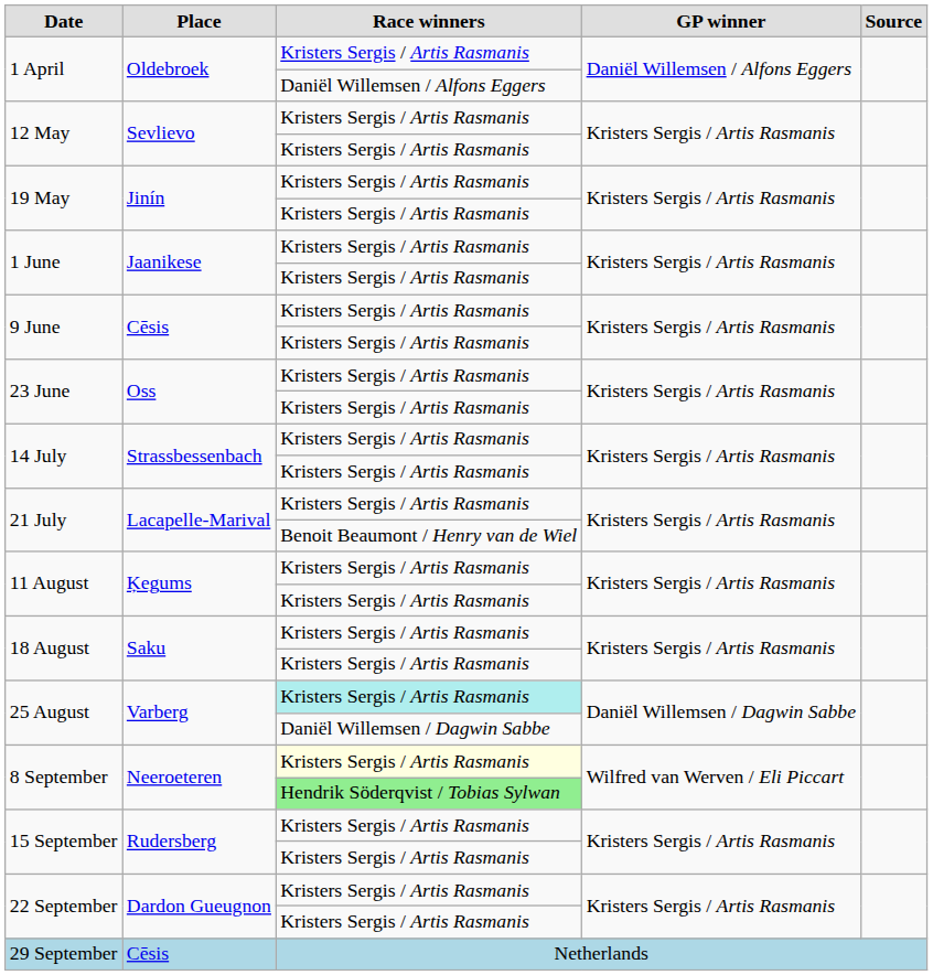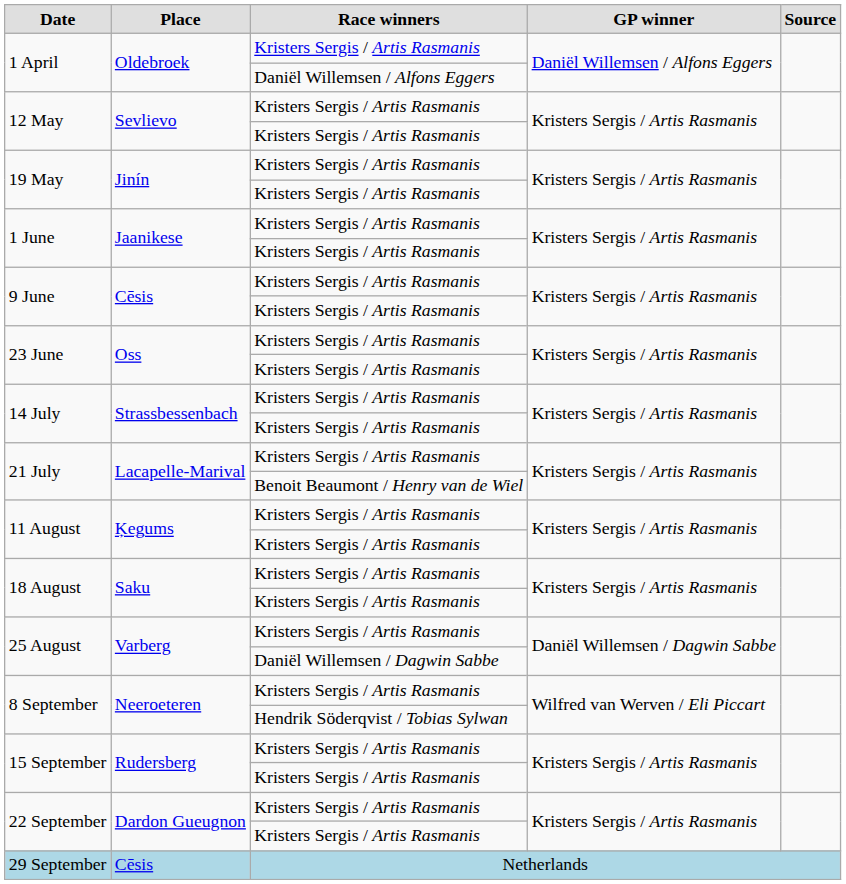 <table class="wikitable" style="font-size: 85%;">
 <tr align="center" style="background:#dfdfdf;">
 <td><strong>Date</strong></td>
 <td><strong>Place</strong></td>
 <td><strong>Race winners</strong></td>
 <td><strong>GP winner</strong></td>
 <td><strong>Source</strong></td>
 </tr>
 <tr>
 <td rowspan=2>1 April</td>
 <td rowspan=2> <a href='#'>Oldebroek</a></td>
 <td> <a href='#'>Kristers Sergis</a> / <em><a href='#'>Artis Rasmanis</a></em></td>
 <td rowspan=2> <a href='#'>Daniël Willemsen</a> / <em>Alfons Eggers</em></td>
 <td rowspan=2></td>
 </tr>
 <tr>
 <td> Daniël Willemsen / <em>Alfons Eggers</em></td>
 </tr>
 <tr>
 <td rowspan=2>12 May</td>
 <td rowspan=2> <a href='#'>Sevlievo</a></td>
 <td> Kristers Sergis / <em>Artis Rasmanis</em></td>
 <td rowspan=2> Kristers Sergis / <em>Artis Rasmanis</em></td>
 <td rowspan=2></td>
 </tr>
 <tr>
 <td> Kristers Sergis / <em>Artis Rasmanis</em></td>
 </tr>
 <tr>
 <td rowspan=2>19 May</td>
 <td rowspan=2> <a href='#'>Jinín</a></td>
 <td> Kristers Sergis / <em>Artis Rasmanis</em></td>
 <td rowspan=2> Kristers Sergis / <em>Artis Rasmanis</em></td>
 <td rowspan=2></td>
 </tr>
 <tr>
 <td> Kristers Sergis / <em>Artis Rasmanis</em></td>
 </tr>
 <tr>
 <td rowspan=2>1 June</td>
 <td rowspan=2> <a href='#'>Jaanikese</a></td>
 <td> Kristers Sergis / <em>Artis Rasmanis</em></td>
 <td rowspan=2> Kristers Sergis / <em>Artis Rasmanis</em></td>
 <td rowspan=2></td>
 </tr>
 <tr>
 <td> Kristers Sergis / <em>Artis Rasmanis</em></td>
 </tr>
 <tr>
 <td rowspan=2>9 June</td>
 <td rowspan=2> <a href='#'>Cēsis</a></td>
 <td> Kristers Sergis / <em>Artis Rasmanis</em></td>
 <td rowspan=2> Kristers Sergis / <em>Artis Rasmanis</em></td>
 <td rowspan=2></td>
 </tr>
 <tr>
 <td> Kristers Sergis / <em>Artis Rasmanis</em></td>
 </tr>
 <tr>
 <td rowspan=2>23 June</td>
 <td rowspan=2> <a href='#'>Oss</a></td>
 <td> Kristers Sergis / <em>Artis Rasmanis</em></td>
 <td rowspan=2> Kristers Sergis / <em>Artis Rasmanis</em></td>
 <td rowspan=2></td>
 </tr>
 <tr>
 <td> Kristers Sergis / <em>Artis Rasmanis</em></td>
 </tr>
 <tr>
 <td rowspan=2>14 July</td>
 <td rowspan=2> <a href='#'>Strassbessenbach</a></td>
 <td> Kristers Sergis / <em>Artis Rasmanis</em></td>
 <td rowspan=2> Kristers Sergis / <em>Artis Rasmanis</em></td>
 <td rowspan=2></td>
 </tr>
 <tr>
 <td> Kristers Sergis / <em>Artis Rasmanis</em></td>
 </tr>
 <tr>
 <td rowspan=2>21 July</td>
 <td rowspan=2> <a href='#'>Lacapelle-Marival</a></td>
 <td> Kristers Sergis / <em>Artis Rasmanis</em></td>
 <td rowspan=2> Kristers Sergis / <em>Artis Rasmanis</em></td>
 <td rowspan=2></td>
 </tr>
 <tr>
 <td> Benoit Beaumont / <em>Henry van de Wiel</em></td>
 </tr>
 <tr>
 <td rowspan=2>11 August</td>
 <td rowspan=2> <a href='#'>Ķegums</a></td>
 <td> Kristers Sergis / <em>Artis Rasmanis</em></td>
 <td rowspan=2> Kristers Sergis / <em>Artis Rasmanis</em></td>
 <td rowspan=2></td>
 </tr>
 <tr>
 <td> Kristers Sergis / <em>Artis Rasmanis</em></td>
 </tr>
 <tr>
 <td rowspan=2>18 August</td>
 <td rowspan=2> <a href='#'>Saku</a></td>
 <td> Kristers Sergis / <em>Artis Rasmanis</em></td>
 <td rowspan=2> Kristers Sergis / <em>Artis Rasmanis</em></td>
 <td rowspan=2></td>
 </tr>
 <tr>
 <td> Kristers Sergis / <em>Artis Rasmanis</em></td>
 </tr>
 <tr>
 <td rowspan=2>25 August</td>
 <td rowspan=2> <a href='#'>Varberg</a></td>
-<td style="background: paleturquoise;"> Kristers Sergis / <em>Artis Rasmanis</em></td>
+<td> Kristers Sergis / <em>Artis Rasmanis</em></td>
 <td rowspan=2> Daniël Willemsen / <em>Dagwin Sabbe</em></td>
 <td rowspan=2></td>
 </tr>
 <tr>
 <td> Daniël Willemsen / <em>Dagwin Sabbe</em></td>
 </tr>
 <tr>
 <td rowspan=2>8 September</td>
 <td rowspan=2> <a href='#'>Neeroeteren</a></td>
-<td style="background: lightyellow;"> Kristers Sergis / <em>Artis Rasmanis</em></td>
+<td> Kristers Sergis / <em>Artis Rasmanis</em></td>
 <td rowspan=2> Wilfred van Werven / <em>Eli Piccart</em></td>
 <td rowspan=2></td>
 </tr>
 <tr>
-<td style="background: lightgreen;"> Hendrik Söderqvist / <em>Tobias Sylwan</em></td>
+<td> Hendrik Söderqvist / <em>Tobias Sylwan</em></td>
 </tr>
 <tr>
 <td rowspan=2>15 September</td>
 <td rowspan=2> <a href='#'>Rudersberg</a></td>
 <td> Kristers Sergis / <em>Artis Rasmanis</em></td>
 <td rowspan=2> Kristers Sergis / <em>Artis Rasmanis</em></td>
 <td rowspan=2></td>
 </tr>
 <tr>
 <td> Kristers Sergis / <em>Artis Rasmanis</em></td>
 </tr>
 <tr>
 <td rowspan=2>22 September</td>
 <td rowspan=2> <a href='#'>Dardon Gueugnon</a></td>
 <td> Kristers Sergis / <em>Artis Rasmanis</em></td>
 <td rowspan=2> Kristers Sergis / <em>Artis Rasmanis</em></td>
 <td rowspan=2></td>
 </tr>
 <tr>
 <td> Kristers Sergis / <em>Artis Rasmanis</em></td>
 </tr>
 <tr style="background:lightblue;">
 <td rowspan=2>29 September</td>
 <td rowspan=2> <a href='#'>Cēsis</a></td>
 <td colspan=3 align="center"> Netherlands</td>
 </tr>
 </table>
